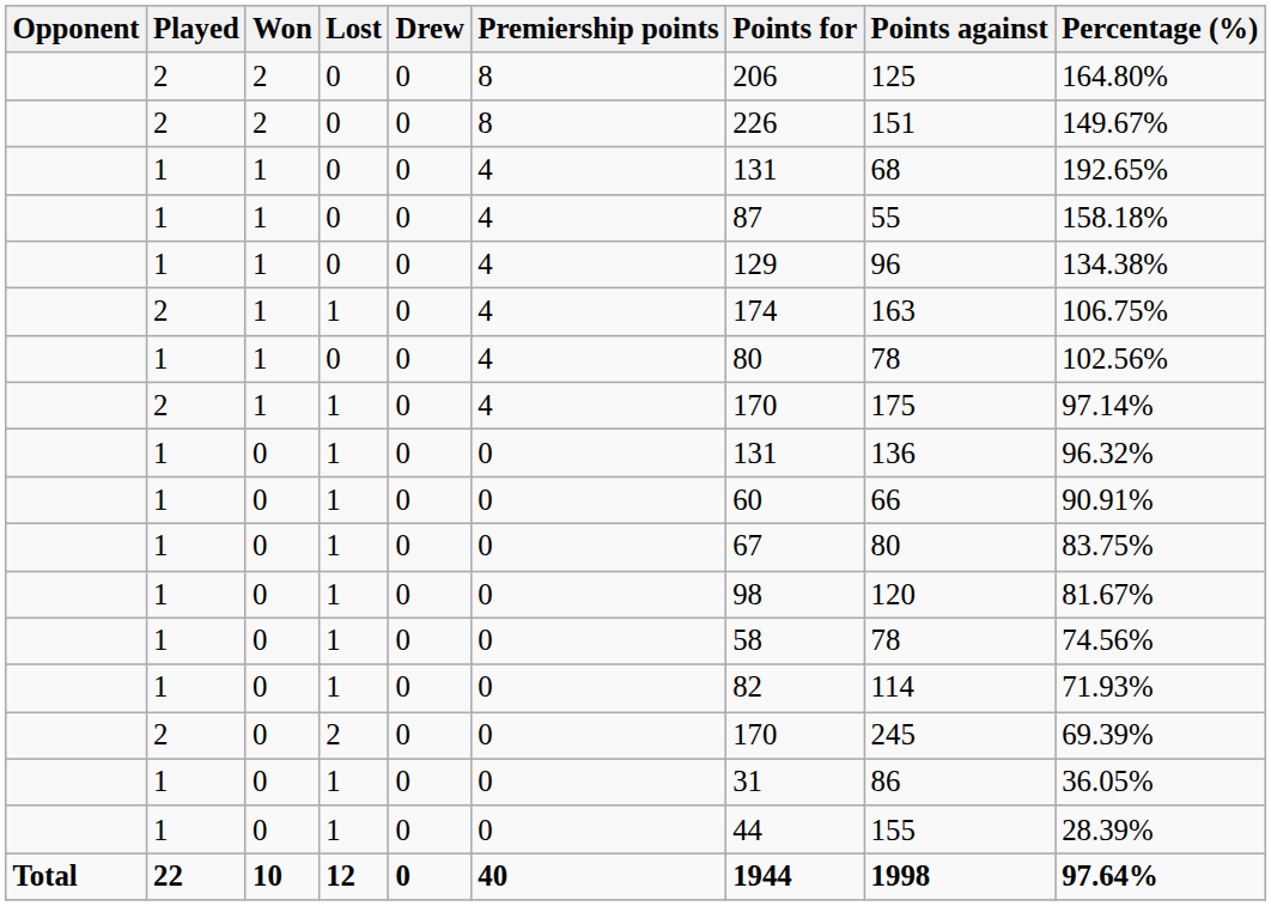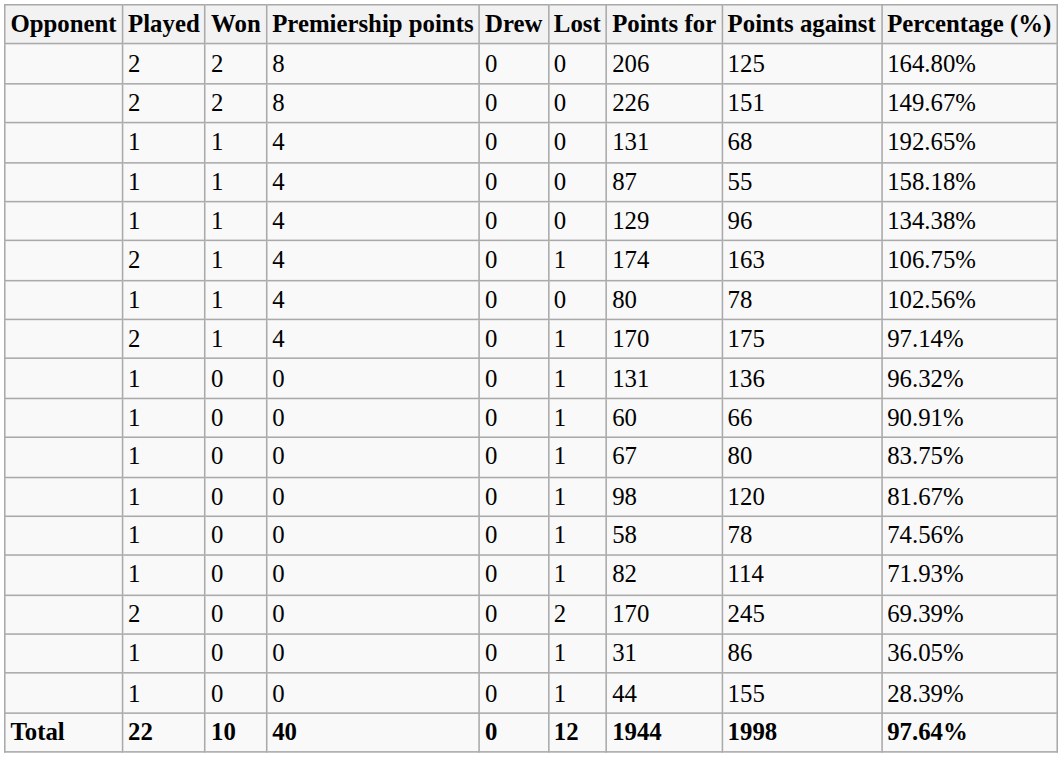 <table class="wikitable">
 <tr>
 <th>Opponent</th>
 <th>Played</th>
 <th>Won</th>
+<th>Premiership points</th>
+<th>Drew</th>
 <th>Lost</th>
-<th>Drew</th>
-<th>Premiership points</th>
 <th>Points for</th>
 <th>Points against</th>
 <th>Percentage (%)</th>
 </tr>
 <tr>
 <td></td>
 <td>2</td>
 <td>2</td>
+<td>8</td>
 <td>0</td>
 <td>0</td>
-<td>8</td>
 <td>206</td>
 <td>125</td>
 <td>164.80%</td>
 </tr>
 <tr>
 <td></td>
 <td>2</td>
 <td>2</td>
+<td>8</td>
 <td>0</td>
 <td>0</td>
-<td>8</td>
 <td>226</td>
 <td>151</td>
 <td>149.67%</td>
 </tr>
 <tr>
 <td></td>
 <td>1</td>
 <td>1</td>
+<td>4</td>
 <td>0</td>
 <td>0</td>
-<td>4</td>
 <td>131</td>
 <td>68</td>
 <td>192.65%</td>
 </tr>
 <tr>
 <td></td>
 <td>1</td>
 <td>1</td>
+<td>4</td>
 <td>0</td>
 <td>0</td>
-<td>4</td>
 <td>87</td>
 <td>55</td>
 <td>158.18%</td>
 </tr>
 <tr>
 <td></td>
 <td>1</td>
 <td>1</td>
+<td>4</td>
 <td>0</td>
 <td>0</td>
-<td>4</td>
 <td>129</td>
 <td>96</td>
 <td>134.38%</td>
 </tr>
 <tr>
 <td></td>
 <td>2</td>
 <td>1</td>
+<td>4</td>
+<td>0</td>
 <td>1</td>
-<td>0</td>
-<td>4</td>
 <td>174</td>
 <td>163</td>
 <td>106.75%</td>
 </tr>
 <tr>
 <td></td>
 <td>1</td>
 <td>1</td>
+<td>4</td>
 <td>0</td>
 <td>0</td>
-<td>4</td>
 <td>80</td>
 <td>78</td>
 <td>102.56%</td>
 </tr>
 <tr>
 <td></td>
 <td>2</td>
 <td>1</td>
+<td>4</td>
+<td>0</td>
 <td>1</td>
-<td>0</td>
-<td>4</td>
 <td>170</td>
 <td>175</td>
 <td>97.14%</td>
 </tr>
 <tr>
 <td></td>
 <td>1</td>
 <td>0</td>
-<td>1</td>
 <td>0</td>
 <td>0</td>
+<td>1</td>
 <td>131</td>
 <td>136</td>
 <td>96.32%</td>
 </tr>
 <tr>
 <td></td>
 <td>1</td>
 <td>0</td>
-<td>1</td>
 <td>0</td>
 <td>0</td>
+<td>1</td>
 <td>60</td>
 <td>66</td>
 <td>90.91%</td>
 </tr>
 <tr>
 <td></td>
 <td>1</td>
 <td>0</td>
-<td>1</td>
 <td>0</td>
 <td>0</td>
+<td>1</td>
 <td>67</td>
 <td>80</td>
 <td>83.75%</td>
 </tr>
 <tr>
 <td></td>
 <td>1</td>
 <td>0</td>
-<td>1</td>
 <td>0</td>
 <td>0</td>
+<td>1</td>
 <td>98</td>
 <td>120</td>
 <td>81.67%</td>
 </tr>
 <tr>
 <td></td>
 <td>1</td>
 <td>0</td>
-<td>1</td>
 <td>0</td>
 <td>0</td>
+<td>1</td>
 <td>58</td>
 <td>78</td>
 <td>74.56%</td>
 </tr>
 <tr>
 <td></td>
 <td>1</td>
 <td>0</td>
-<td>1</td>
 <td>0</td>
 <td>0</td>
+<td>1</td>
 <td>82</td>
 <td>114</td>
 <td>71.93%</td>
 </tr>
 <tr>
 <td></td>
 <td>2</td>
 <td>0</td>
-<td>2</td>
 <td>0</td>
 <td>0</td>
+<td>2</td>
 <td>170</td>
 <td>245</td>
 <td>69.39%</td>
 </tr>
 <tr>
 <td></td>
 <td>1</td>
 <td>0</td>
-<td>1</td>
 <td>0</td>
 <td>0</td>
+<td>1</td>
 <td>31</td>
 <td>86</td>
 <td>36.05%</td>
 </tr>
 <tr>
 <td></td>
 <td>1</td>
 <td>0</td>
-<td>1</td>
 <td>0</td>
 <td>0</td>
+<td>1</td>
 <td>44</td>
 <td>155</td>
 <td>28.39%</td>
 </tr>
 <tr>
 <td><strong>Total</strong></td>
 <td><strong>22</strong></td>
 <td><strong>10</strong></td>
+<td><strong>40</strong></td>
+<td><strong>0</strong></td>
 <td><strong>12</strong></td>
-<td><strong>0</strong></td>
-<td><strong>40</strong></td>
 <td><strong>1944</strong></td>
 <td><strong>1998</strong></td>
 <td><strong>97.64%</strong></td>
 </tr>
 </table>
